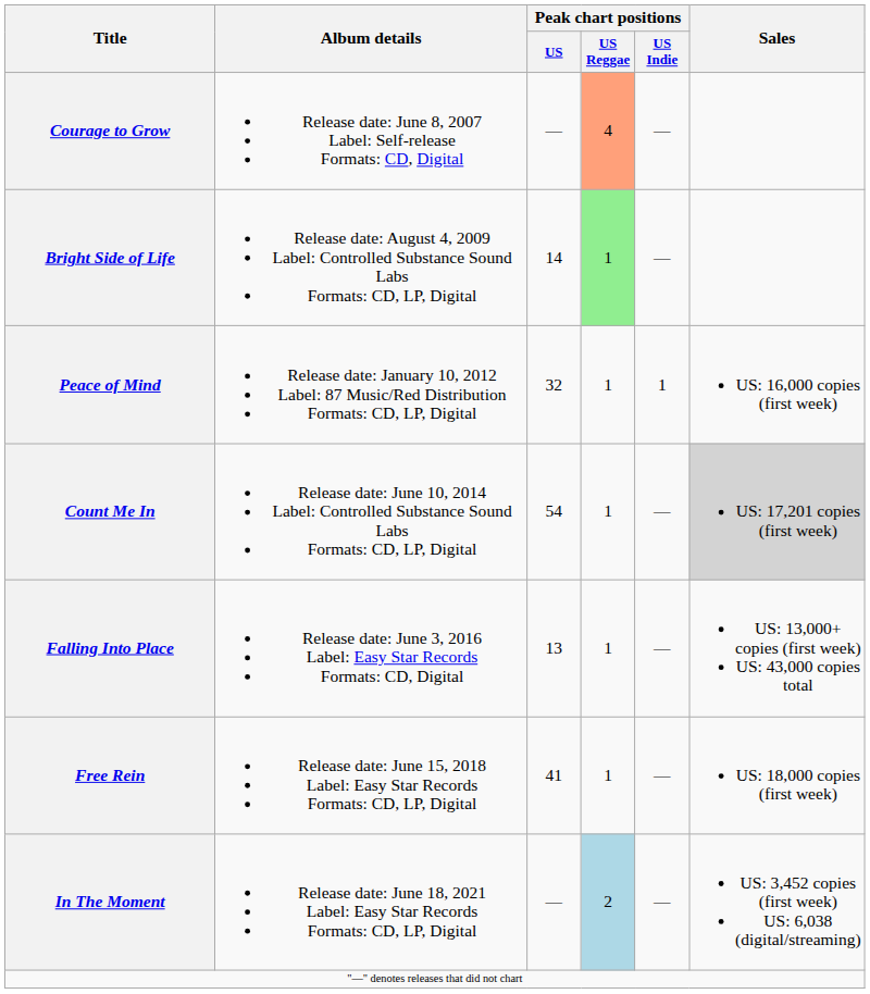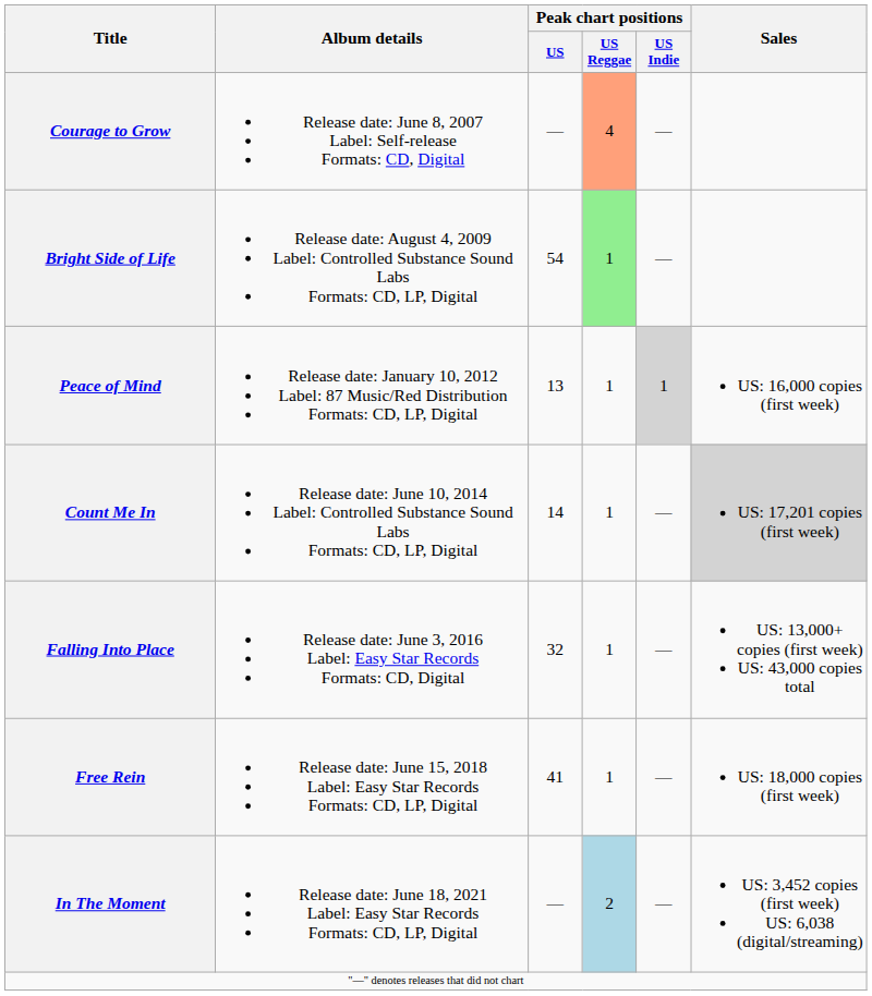 <table class="wikitable plainrowheaders" style="text-align:center;">
 <tr>
 <th rowspan="2" style="width:12em;">Title</th>
 <th rowspan="2" style="width:18em;">Album details</th>
 <th colspan="3">Peak chart positions</th>
 <th rowspan="2" style="width:9em;">Sales</th>
 </tr>
 <tr style="font-size:smaller;">
 <th width="45"><a href='#'>US</a><br></th>
 <th width="45"><a href='#'>US Reggae</a><br></th>
 <th width="45"><a href='#'>US Indie</a><br></th>
 </tr>
 <tr>
 <th scope="row"><em><a href='#'>Courage to Grow</a></em></th>
 <td><br><ul><li>Release date: June 8, 2007</li><li>Label: Self-release</li><li>Formats: <a href='#'>CD</a>, <a href='#'>Digital</a></li></ul></td>
 <td>—</td>
 <td style="background: lightsalmon;">4</td>
 <td>—</td>
 <td></td>
 </tr>
 <tr>
 <th scope="row"><em><a href='#'>Bright Side of Life</a></em></th>
 <td><br><ul><li>Release date: August 4, 2009</li><li>Label: Controlled Substance Sound Labs</li><li>Formats: CD, LP, Digital</li></ul></td>
-<td>14</td>
+<td>54</td>
 <td style="background: lightgreen;">1</td>
 <td>—</td>
 <td></td>
 </tr>
 <tr>
 <th scope="row"><em><a href='#'>Peace of Mind</a></em></th>
 <td><br><ul><li>Release date: January 10, 2012</li><li>Label: 87 Music/Red Distribution</li><li>Formats: CD, LP, Digital</li></ul></td>
-<td>32</td>
+<td>13</td>
 <td>1</td>
-<td>1</td>
+<td style="background: lightgrey;">1</td>
 <td><br><ul><li>US: 16,000 copies (first week)</li></ul></td>
 </tr>
 <tr>
 <th scope="row"><em><a href='#'>Count Me In</a></em></th>
 <td><br><ul><li>Release date: June 10, 2014</li><li>Label: Controlled Substance Sound Labs</li><li>Formats: CD, LP, Digital</li></ul></td>
-<td>54</td>
+<td>14</td>
 <td>1</td>
 <td>—</td>
 <td style="background: lightgrey;"><br><ul><li>US: 17,201 copies (first week)</li></ul></td>
 </tr>
 <tr>
 <th scope="row"><em><a href='#'>Falling Into Place</a></em></th>
 <td><br><ul><li>Release date: June 3, 2016</li><li>Label: <a href='#'>Easy Star Records</a></li><li>Formats: CD, Digital</li></ul></td>
-<td>13</td>
+<td>32</td>
 <td>1</td>
 <td>—</td>
 <td><br><ul><li>US: 13,000+ copies (first week)</li><li>US: 43,000 copies total</li></ul></td>
 </tr>
 <tr>
 <th scope="row"><em><a href='#'>Free Rein</a></em></th>
 <td><br><ul><li>Release date: June 15, 2018</li><li>Label: Easy Star Records</li><li>Formats: CD, LP, Digital</li></ul></td>
 <td>41</td>
 <td>1</td>
 <td>—</td>
 <td><br><ul><li>US: 18,000 copies (first week)</li></ul></td>
 </tr>
 <tr>
 <th scope="row"><em><a href='#'>In The Moment</a></em></th>
 <td><br><ul><li>Release date: June 18, 2021</li><li>Label: Easy Star Records</li><li>Formats: CD, LP, Digital</li></ul></td>
 <td>—</td>
 <td style="background: lightblue;">2</td>
 <td>—</td>
 <td><br><ul><li>US: 3,452 copies (first week)</li><li>US: 6,038 (digital/streaming)</li></ul></td>
 </tr>
 <tr>
 <td colspan="10" style="font-size:8pt">"—" denotes releases that did not chart</td>
 </tr>
 </table>
